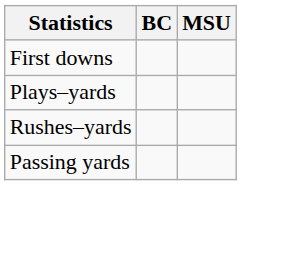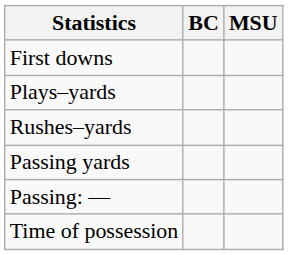 <table class="wikitable" style="float:left">
 <tr>
 <th>Statistics</th>
 <th>BC</th>
 <th>MSU</th>
 </tr>
 <tr>
 <td>First downs</td>
 <td></td>
 <td></td>
 </tr>
 <tr>
 <td>Plays–yards</td>
 <td></td>
 <td></td>
 </tr>
 <tr>
 <td>Rushes–yards</td>
 <td></td>
 <td></td>
 </tr>
 <tr>
 <td>Passing yards</td>
 <td></td>
 <td></td>
 </tr>
+<tr>
+<td>Passing: ––</td>
+<td></td>
+<td></td>
+</tr>
+<tr>
+<td>Time of possession</td>
+<td></td>
+<td></td>
+</tr>
 </table>
